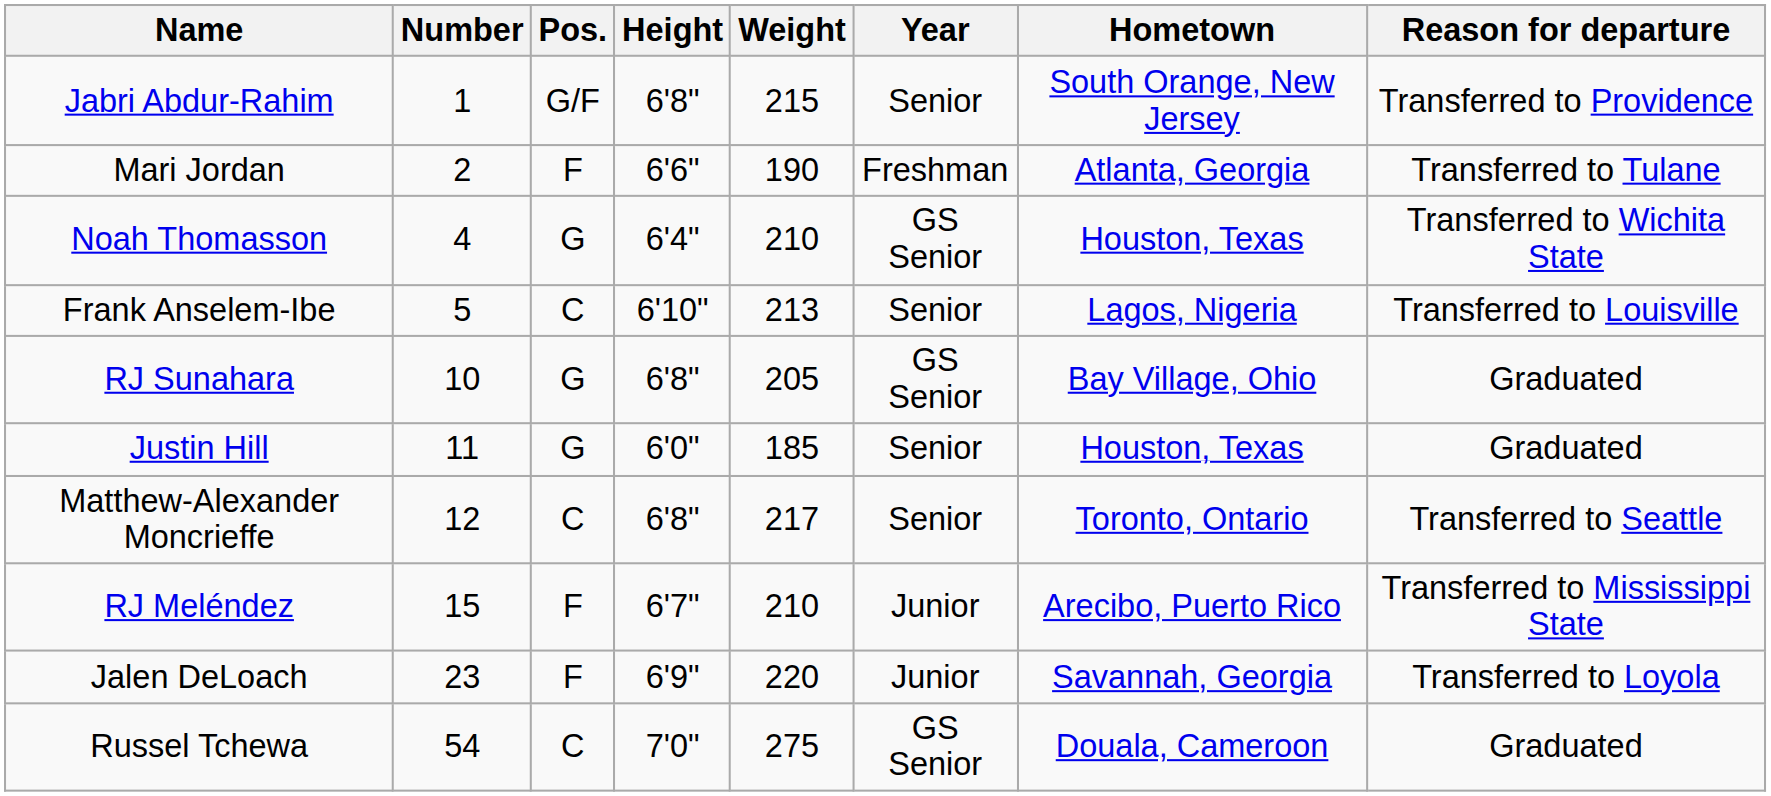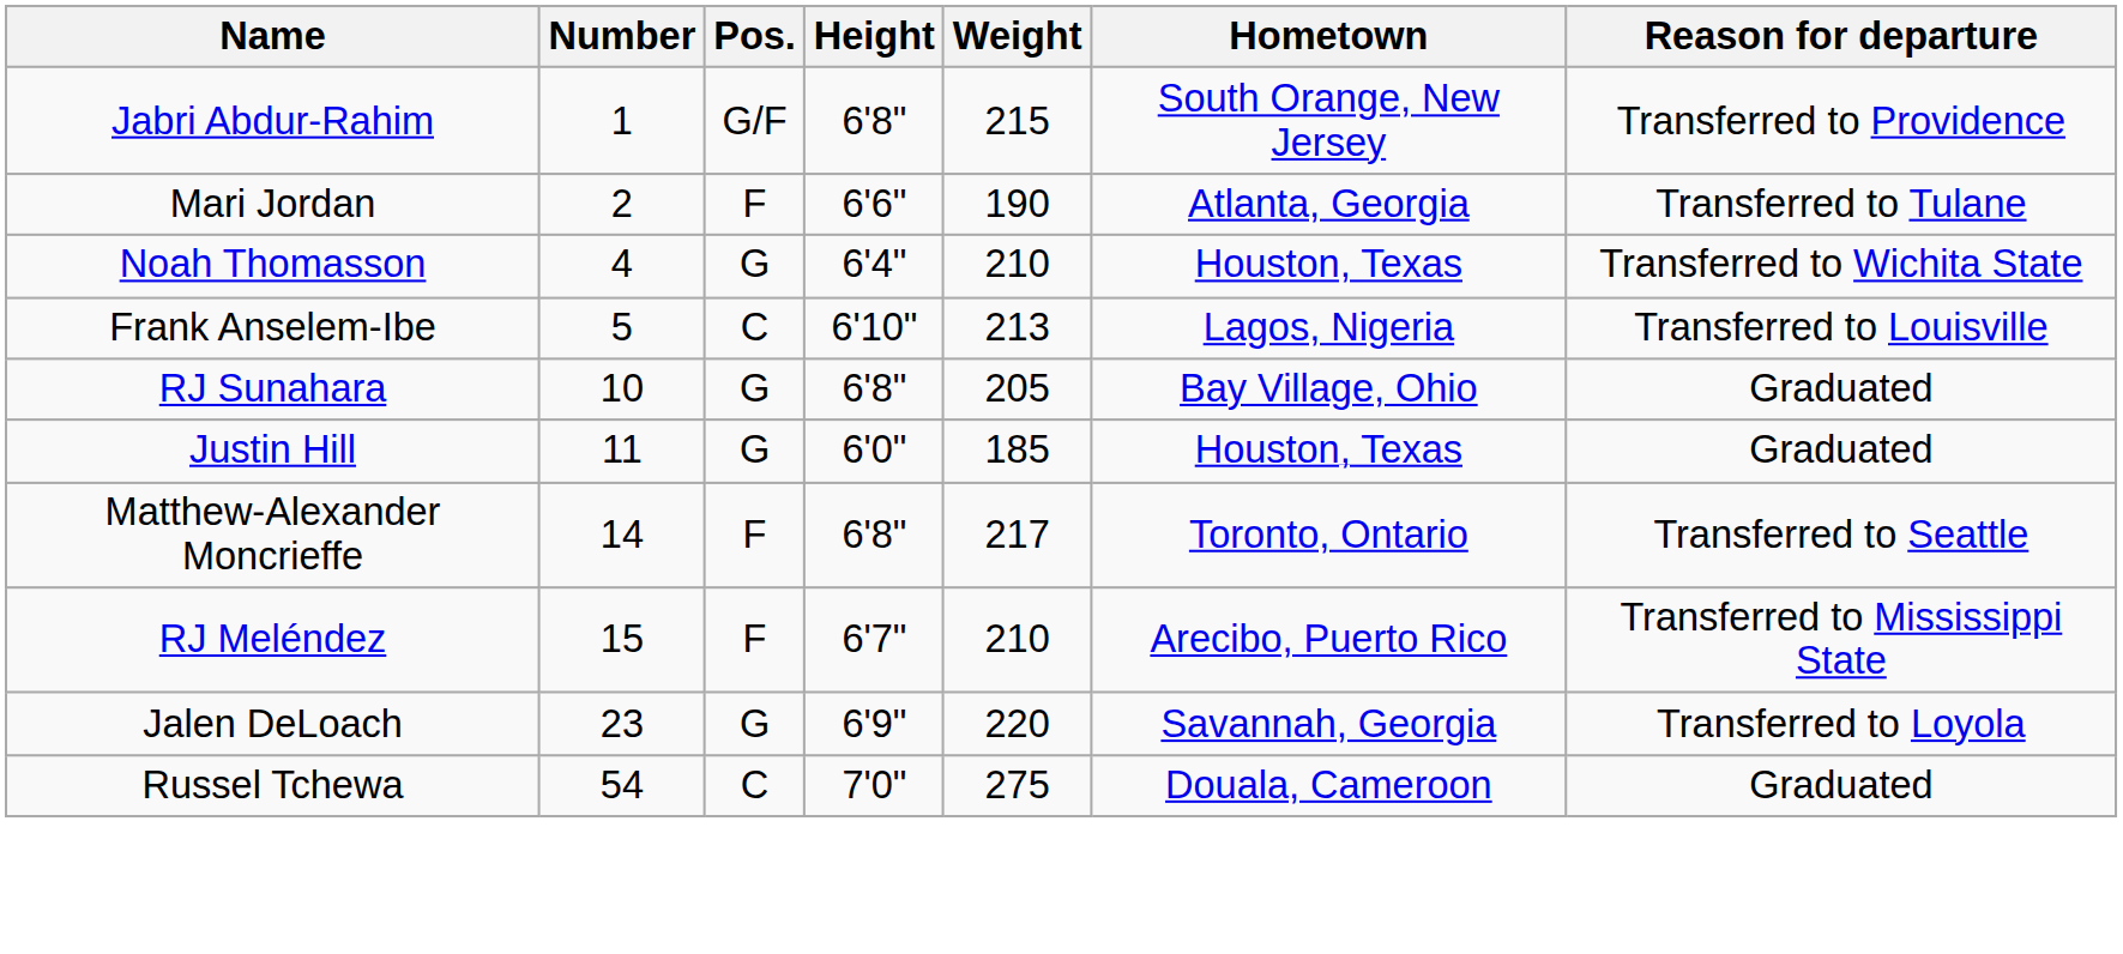 <table class="wikitable sortable" style="text-align:center">
 <tr align=center>
 <th>Name</th>
 <th>Number</th>
 <th>Pos.</th>
 <th>Height</th>
 <th>Weight</th>
-<th>Year</th>
 <th>Hometown</th>
 <th class="unsortable">Reason for departure</th>
 </tr>
 <tr>
 <td><a href='#'>Jabri Abdur-Rahim</a></td>
 <td>1</td>
 <td>G/F</td>
 <td>6'8"</td>
 <td>215</td>
-<td>Senior</td>
 <td><a href='#'>South Orange, New Jersey</a></td>
 <td>Transferred to <a href='#'>Providence</a></td>
 </tr>
 <tr>
 <td>Mari Jordan</td>
 <td>2</td>
 <td>F</td>
 <td>6'6"</td>
 <td>190</td>
-<td>Freshman</td>
 <td><a href='#'>Atlanta, Georgia</a></td>
 <td>Transferred to <a href='#'>Tulane</a></td>
 </tr>
 <tr>
 <td><a href='#'>Noah Thomasson</a></td>
 <td>4</td>
 <td>G</td>
 <td>6'4"</td>
 <td>210</td>
-<td>GS Senior</td>
 <td><a href='#'>Houston, Texas</a></td>
 <td>Transferred to <a href='#'>Wichita State</a></td>
 </tr>
 <tr>
 <td>Frank Anselem-Ibe</td>
 <td>5</td>
 <td>C</td>
 <td>6'10"</td>
 <td>213</td>
-<td>Senior</td>
 <td><a href='#'>Lagos, Nigeria</a></td>
 <td>Transferred to <a href='#'>Louisville</a></td>
 </tr>
 <tr>
 <td><a href='#'>RJ Sunahara</a></td>
 <td>10</td>
 <td>G</td>
 <td>6'8"</td>
 <td>205</td>
-<td>GS Senior</td>
 <td><a href='#'>Bay Village, Ohio</a></td>
 <td>Graduated</td>
 </tr>
 <tr>
 <td><a href='#'>Justin Hill</a></td>
 <td>11</td>
 <td>G</td>
 <td>6'0"</td>
 <td>185</td>
-<td>Senior</td>
 <td><a href='#'>Houston, Texas</a></td>
 <td>Graduated</td>
 </tr>
 <tr>
 <td>Matthew-Alexander Moncrieffe</td>
-<td>12</td>
-<td>C</td>
+<td>14</td>
+<td>F</td>
 <td>6'8"</td>
 <td>217</td>
-<td>Senior</td>
 <td><a href='#'>Toronto, Ontario</a></td>
 <td>Transferred to <a href='#'>Seattle</a></td>
 </tr>
 <tr>
 <td><a href='#'>RJ Meléndez</a></td>
 <td>15</td>
 <td>F</td>
 <td>6'7"</td>
 <td>210</td>
-<td>Junior</td>
 <td><a href='#'>Arecibo, Puerto Rico</a></td>
 <td>Transferred to <a href='#'>Mississippi State</a></td>
 </tr>
 <tr>
 <td>Jalen DeLoach</td>
 <td>23</td>
-<td>F</td>
+<td>G</td>
 <td>6'9"</td>
 <td>220</td>
-<td>Junior</td>
 <td><a href='#'>Savannah, Georgia</a></td>
 <td>Transferred to <a href='#'>Loyola</a></td>
 </tr>
 <tr>
 <td>Russel Tchewa</td>
 <td>54</td>
 <td>C</td>
 <td>7'0"</td>
 <td>275</td>
-<td>GS Senior</td>
 <td><a href='#'>Douala, Cameroon</a></td>
 <td>Graduated</td>
 </tr>
 </table>
